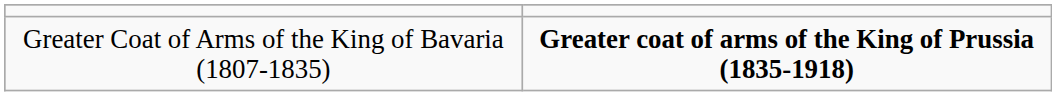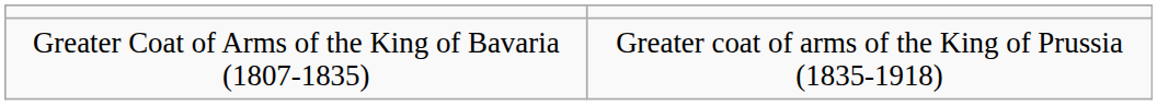 <table class="wikitable" style="margin:1em auto; text-align:center;">
 <tr>
 <td></td>
 <td></td>
 </tr>
 <tr>
 <td>Greater Coat of Arms of the King of Bavaria (1807-1835)</td>
-<td><strong>Greater coat of arms of the King of Prussia (1835-1918)</strong></td>
+<td>Greater coat of arms of the King of Prussia (1835-1918)</td>
 </tr>
 </table>
